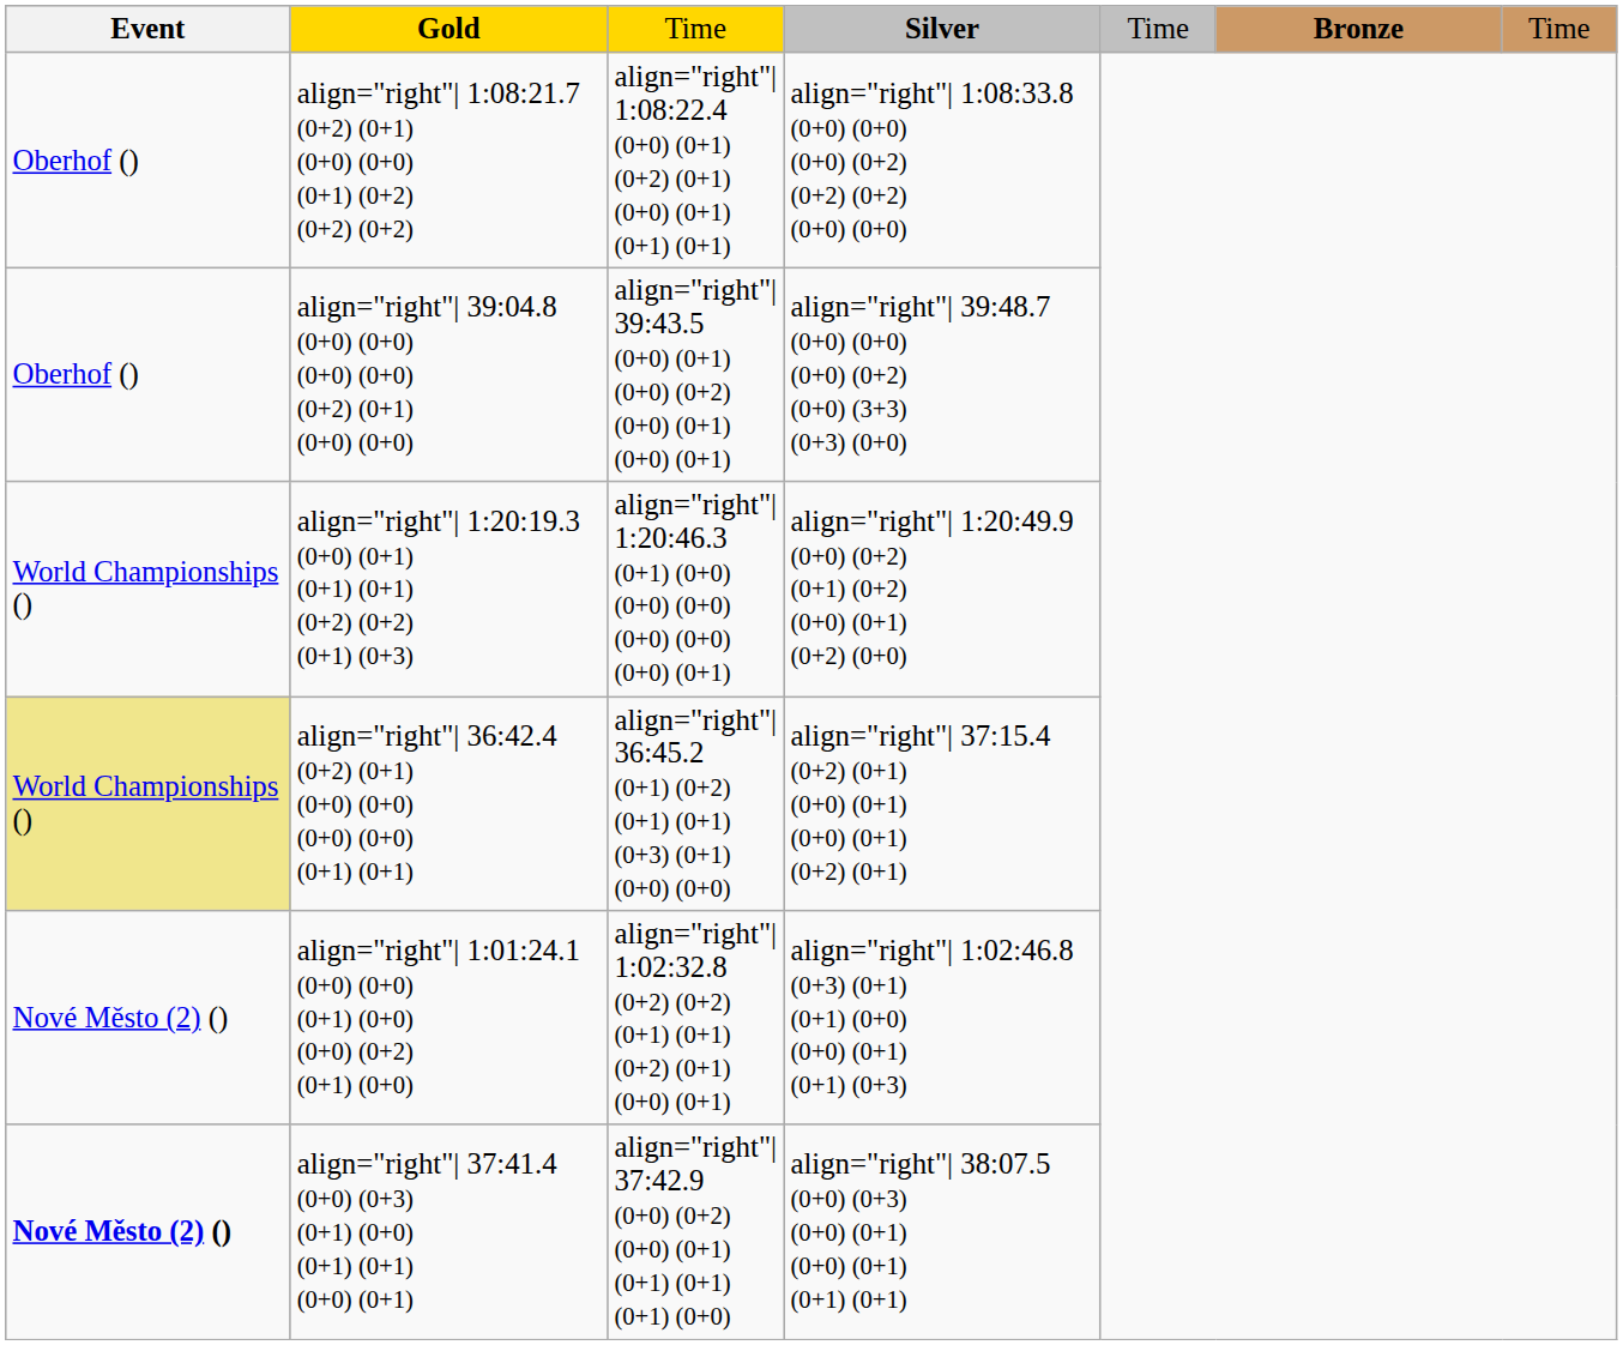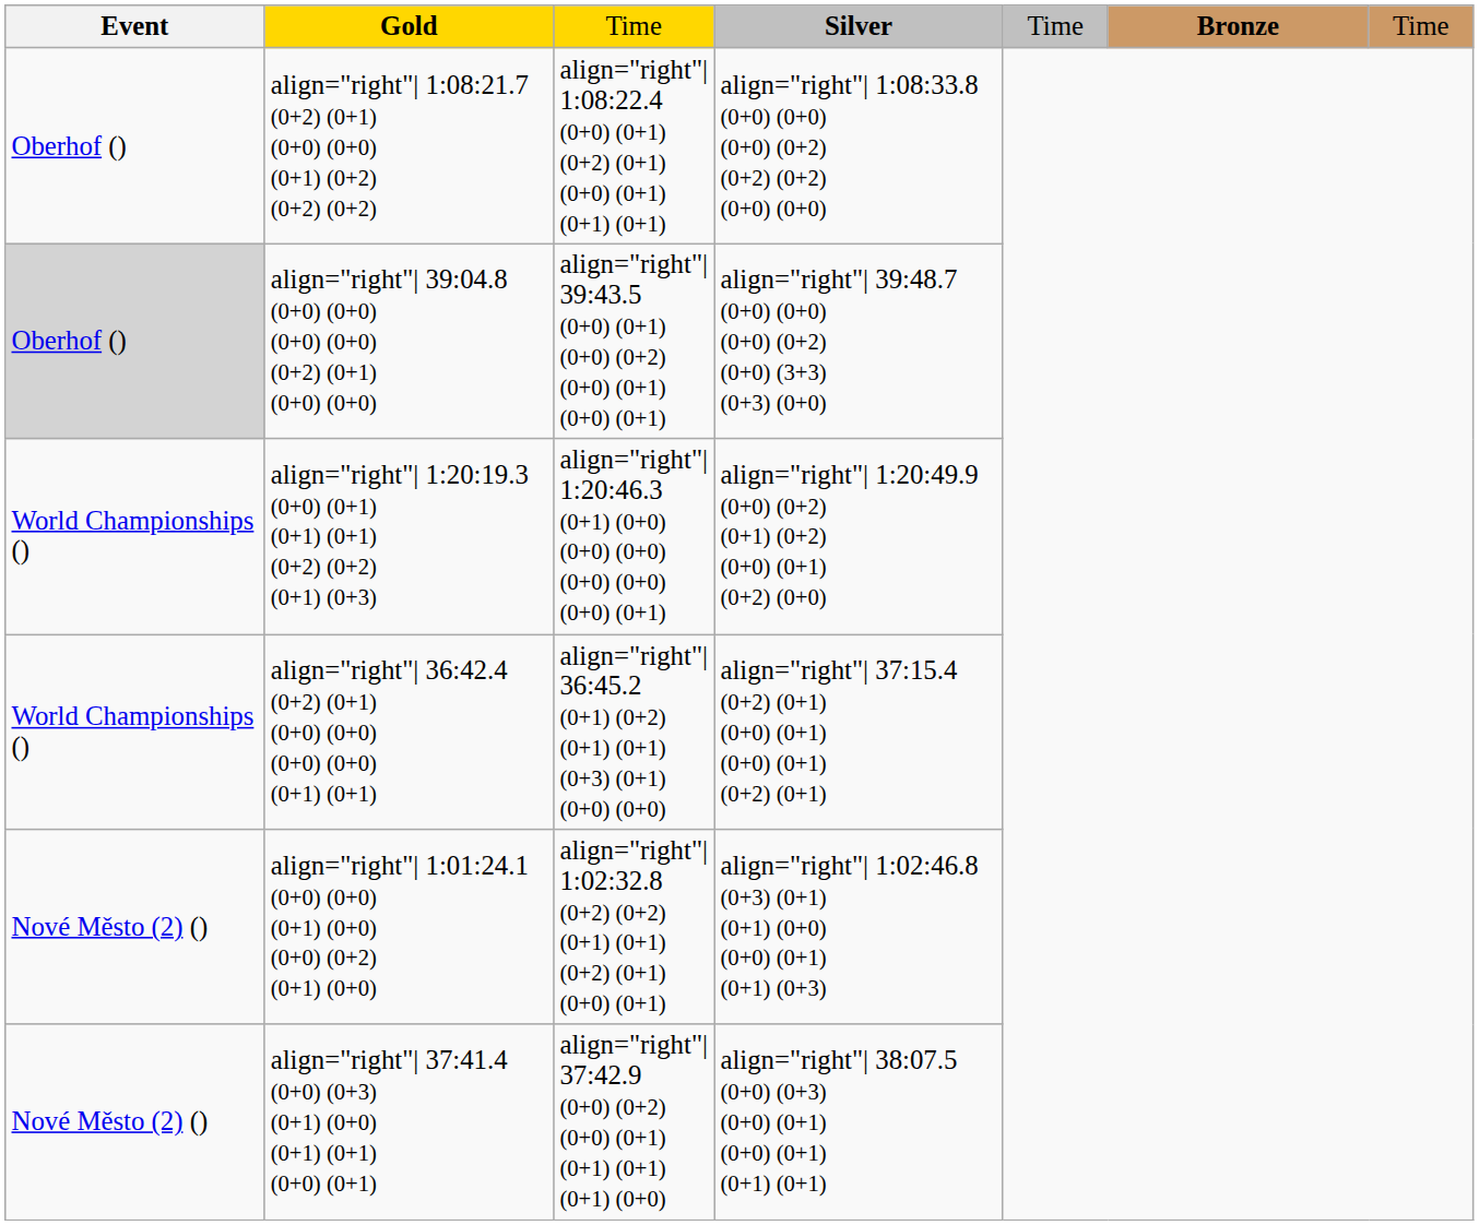 <table class="wikitable">
 <tr>
 <th width="180">Event</th>
 <th width="220" style="background:gold">Gold</th>
 <th width="70" style="background:gold;font-weight:normal">Time</th>
 <th width="220" style="background:silver">Silver</th>
 <th width="70" style="background:silver;font-weight:normal">Time</th>
 <th width="220" style="background:#CC9966">Bronze</th>
 <th width="70" style="background:#CC9966;font-weight:normal">Time</th>
 </tr>
 <tr>
 <td><a href='#'>Oberhof</a> ()<br></td>
 <td>align="right"|  1:08:21.7<small><br>(0+2) (0+1)<br>(0+0) (0+0)<br>(0+1) (0+2)<br>(0+2) (0+2)</small></td>
 <td>align="right"|  1:08:22.4<small><br>(0+0) (0+1)<br>(0+2) (0+1)<br>(0+0) (0+1)<br>(0+1) (0+1)</small></td>
 <td>align="right"|  1:08:33.8<small><br>(0+0) (0+0)<br>(0+0) (0+2)<br>(0+2) (0+2)<br>(0+0) (0+0)</small></td>
 </tr>
 <tr>
-<td><a href='#'>Oberhof</a> ()<br></td>
+<td style="background: lightgrey;"><a href='#'>Oberhof</a> ()<br></td>
 <td>align="right"| 39:04.8<small><br>(0+0) (0+0)<br>(0+0) (0+0)<br>(0+2) (0+1)<br>(0+0) (0+0)</small></td>
 <td>align="right"| 39:43.5<small><br>(0+0) (0+1)<br>(0+0) (0+2)<br>(0+0) (0+1)<br>(0+0) (0+1)</small></td>
 <td>align="right"| 39:48.7<small><br>(0+0) (0+0)<br>(0+0) (0+2)<br>(0+0) (3+3)<br>(0+3) (0+0)</small></td>
 </tr>
 <tr>
 <td><a href='#'>World Championships</a> ()<br></td>
 <td>align="right"| 1:20:19.3 <small><br>(0+0) (0+1)<br>(0+1) (0+1)<br>(0+2) (0+2)<br>(0+1) (0+3)</small></td>
 <td>align="right"| 1:20:46.3<br> <small>(0+1) (0+0)<br>(0+0) (0+0)<br>(0+0) (0+0)<br>(0+0) (0+1)</small></td>
 <td>align="right"| 1:20:49.9<br><small>(0+0) (0+2)<br>(0+1) (0+2)<br>(0+0) (0+1)<br>(0+2) (0+0)</small></td>
 </tr>
 <tr>
-<td style="background: khaki;"><a href='#'>World Championships</a> ()<br></td>
+<td><a href='#'>World Championships</a> ()<br></td>
 <td>align="right"| 36:42.4<br><small>(0+2) (0+1)<br>(0+0) (0+0)<br>(0+0) (0+0)<br>(0+1) (0+1)</small></td>
 <td>align="right"| 36:45.2<br><small>(0+1) (0+2)<br>(0+1) (0+1)<br>(0+3) (0+1)<br>(0+0) (0+0)</small></td>
 <td>align="right"| 37:15.4<br><small>(0+2) (0+1)<br>(0+0) (0+1)<br>(0+0) (0+1)<br>(0+2) (0+1)</small></td>
 </tr>
 <tr>
 <td><a href='#'>Nové Město (2)</a> ()<br></td>
 <td>align="right"| 1:01:24.1 <small><br>(0+0) (0+0)<br>(0+1) (0+0)<br>(0+0) (0+2)<br>(0+1) (0+0)</small></td>
 <td>align="right"| 1:02:32.8<br><small>(0+2) (0+2)<br>(0+1) (0+1)<br>(0+2) (0+1)<br>(0+0) (0+1)</small></td>
 <td>align="right"| 1:02:46.8<br><small>(0+3) (0+1)<br>(0+1) (0+0)<br>(0+0) (0+1)<br>(0+1) (0+3)</small></td>
 </tr>
 <tr>
-<td><strong><a href='#'>Nové Město (2)</a> ()<br></strong></td>
+<td><a href='#'>Nové Město (2)</a> ()<br></td>
 <td>align="right"| 37:41.4<br><small>(0+0) (0+3)<br>(0+1) (0+0)<br>(0+1) (0+1)<br>(0+0) (0+1)</small></td>
 <td>align="right"| 37:42.9<br><small>(0+0) (0+2)<br>(0+0) (0+1)<br>(0+1) (0+1)<br>(0+1) (0+0)</small></td>
 <td>align="right"| 38:07.5<br><small>(0+0) (0+3)<br>(0+0) (0+1)<br>(0+0) (0+1)<br>(0+1) (0+1)</small></td>
 </tr>
 </table>
